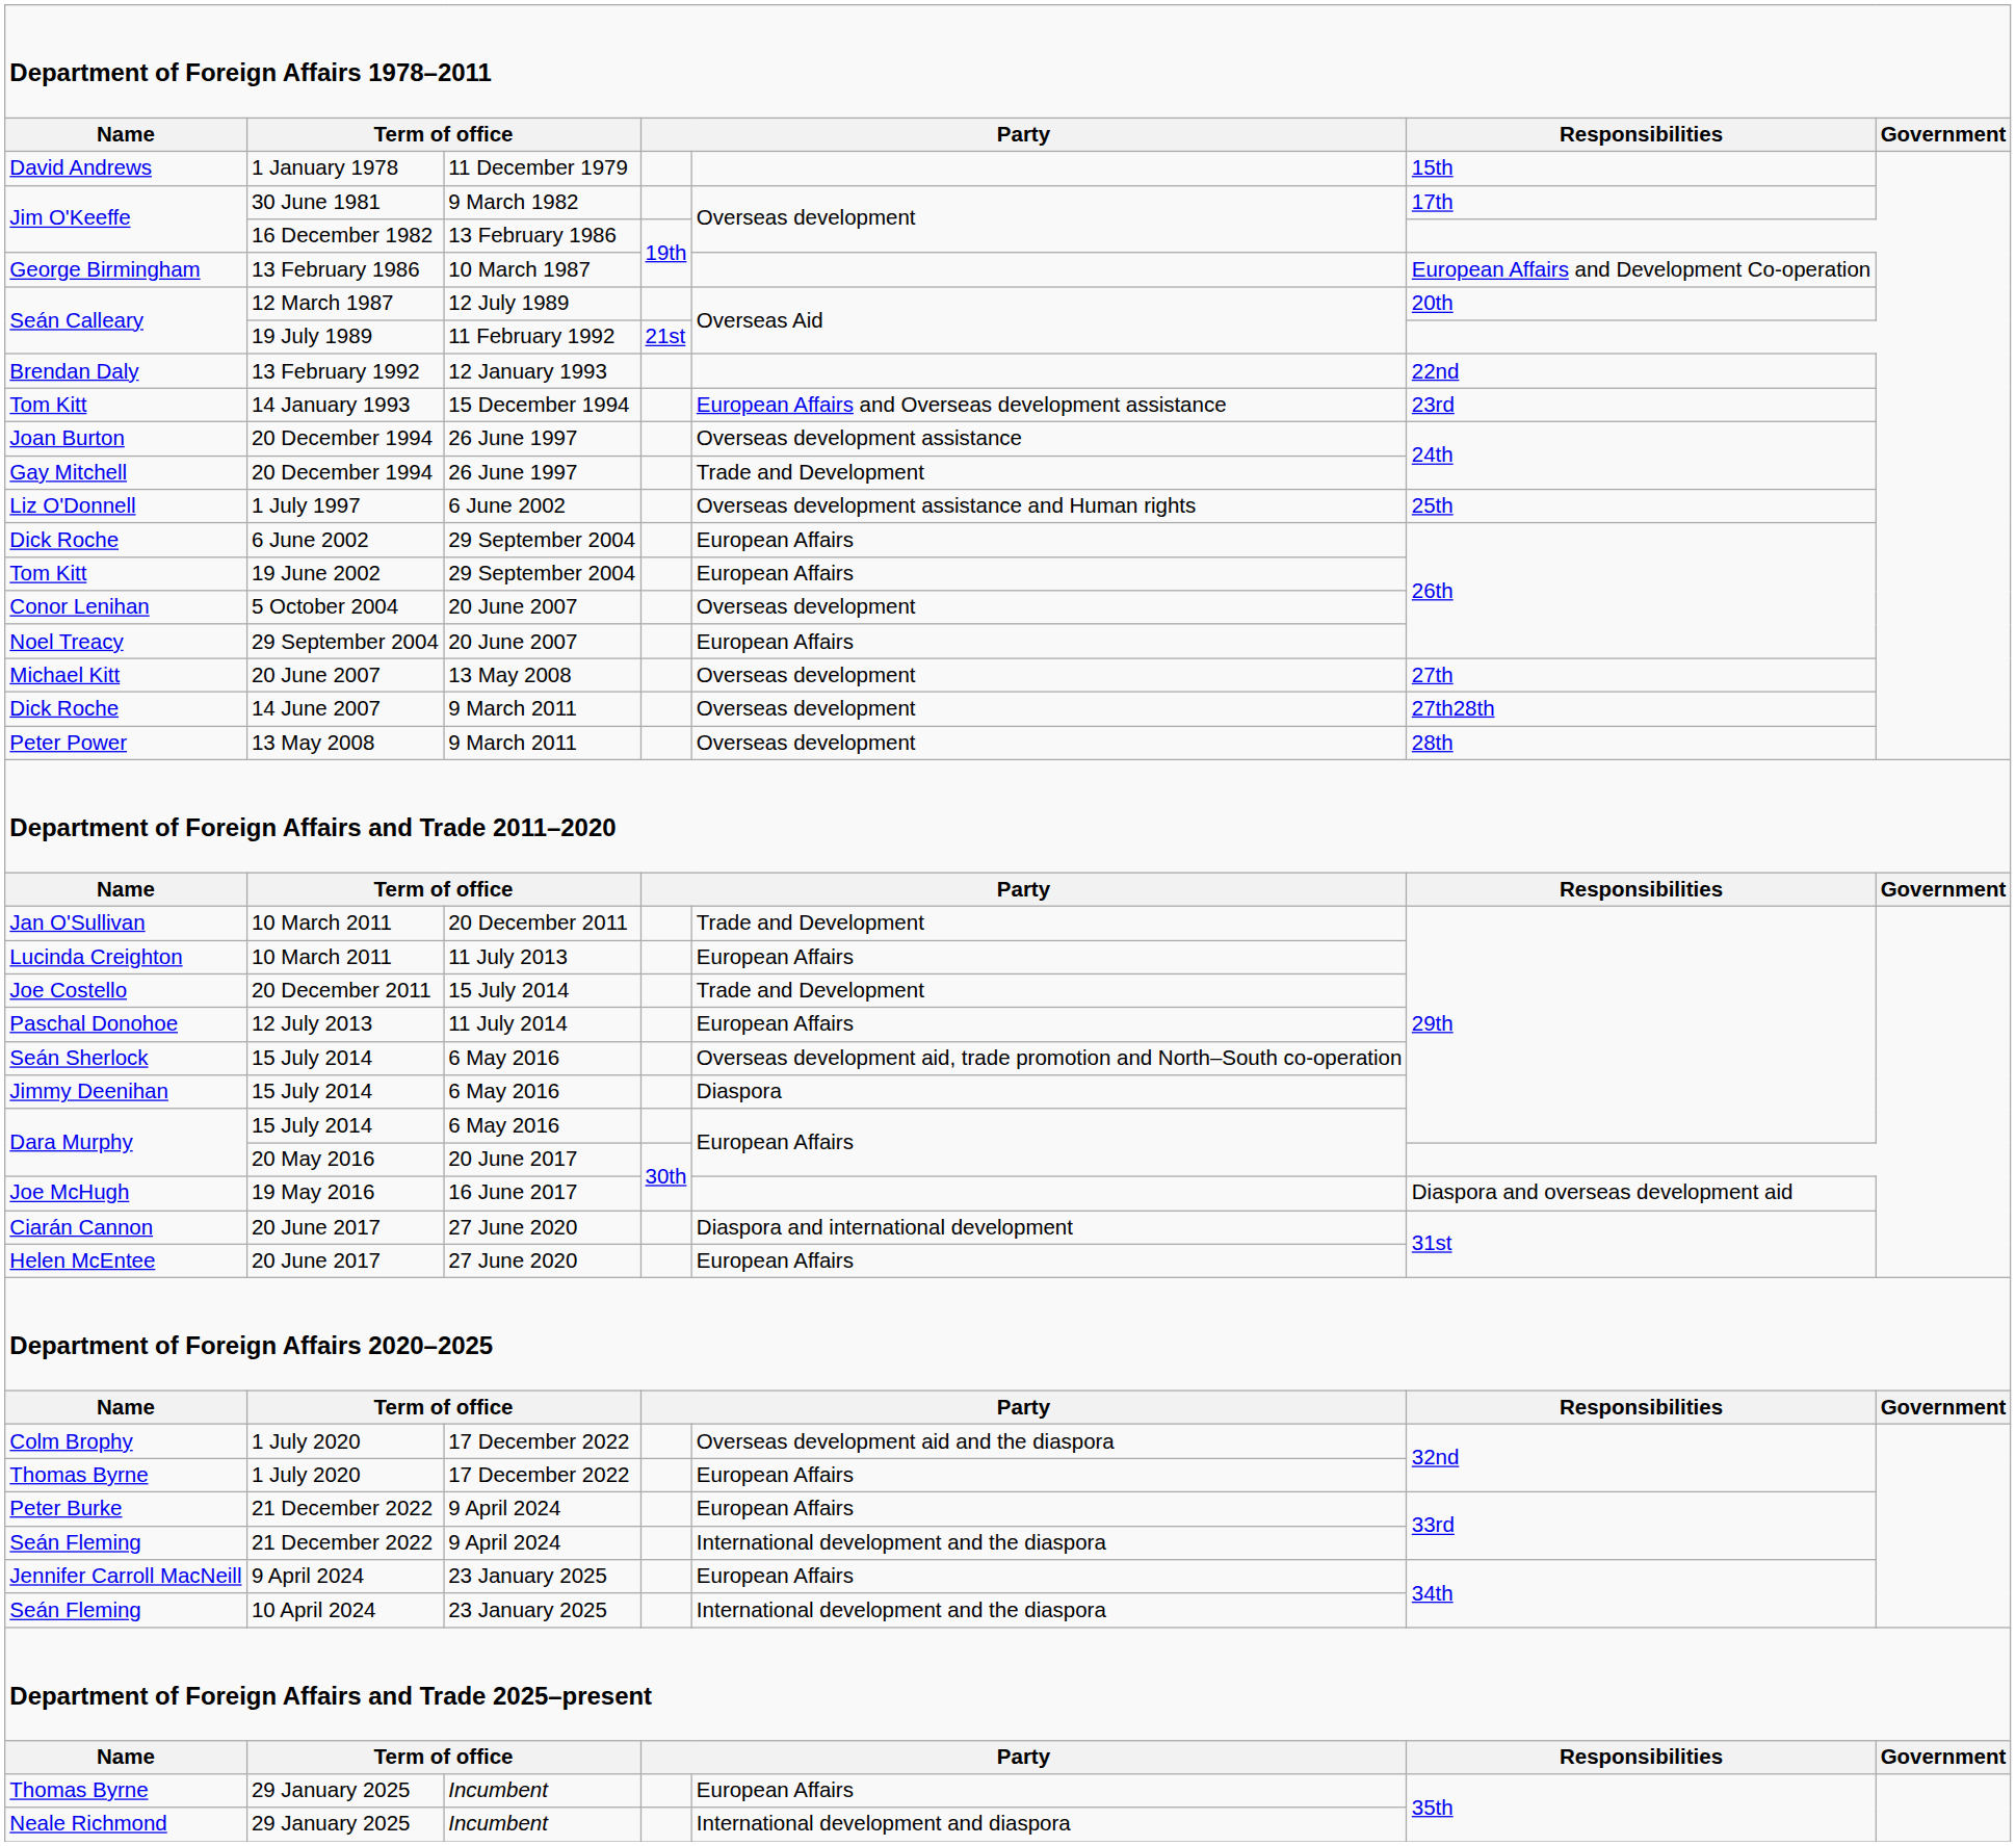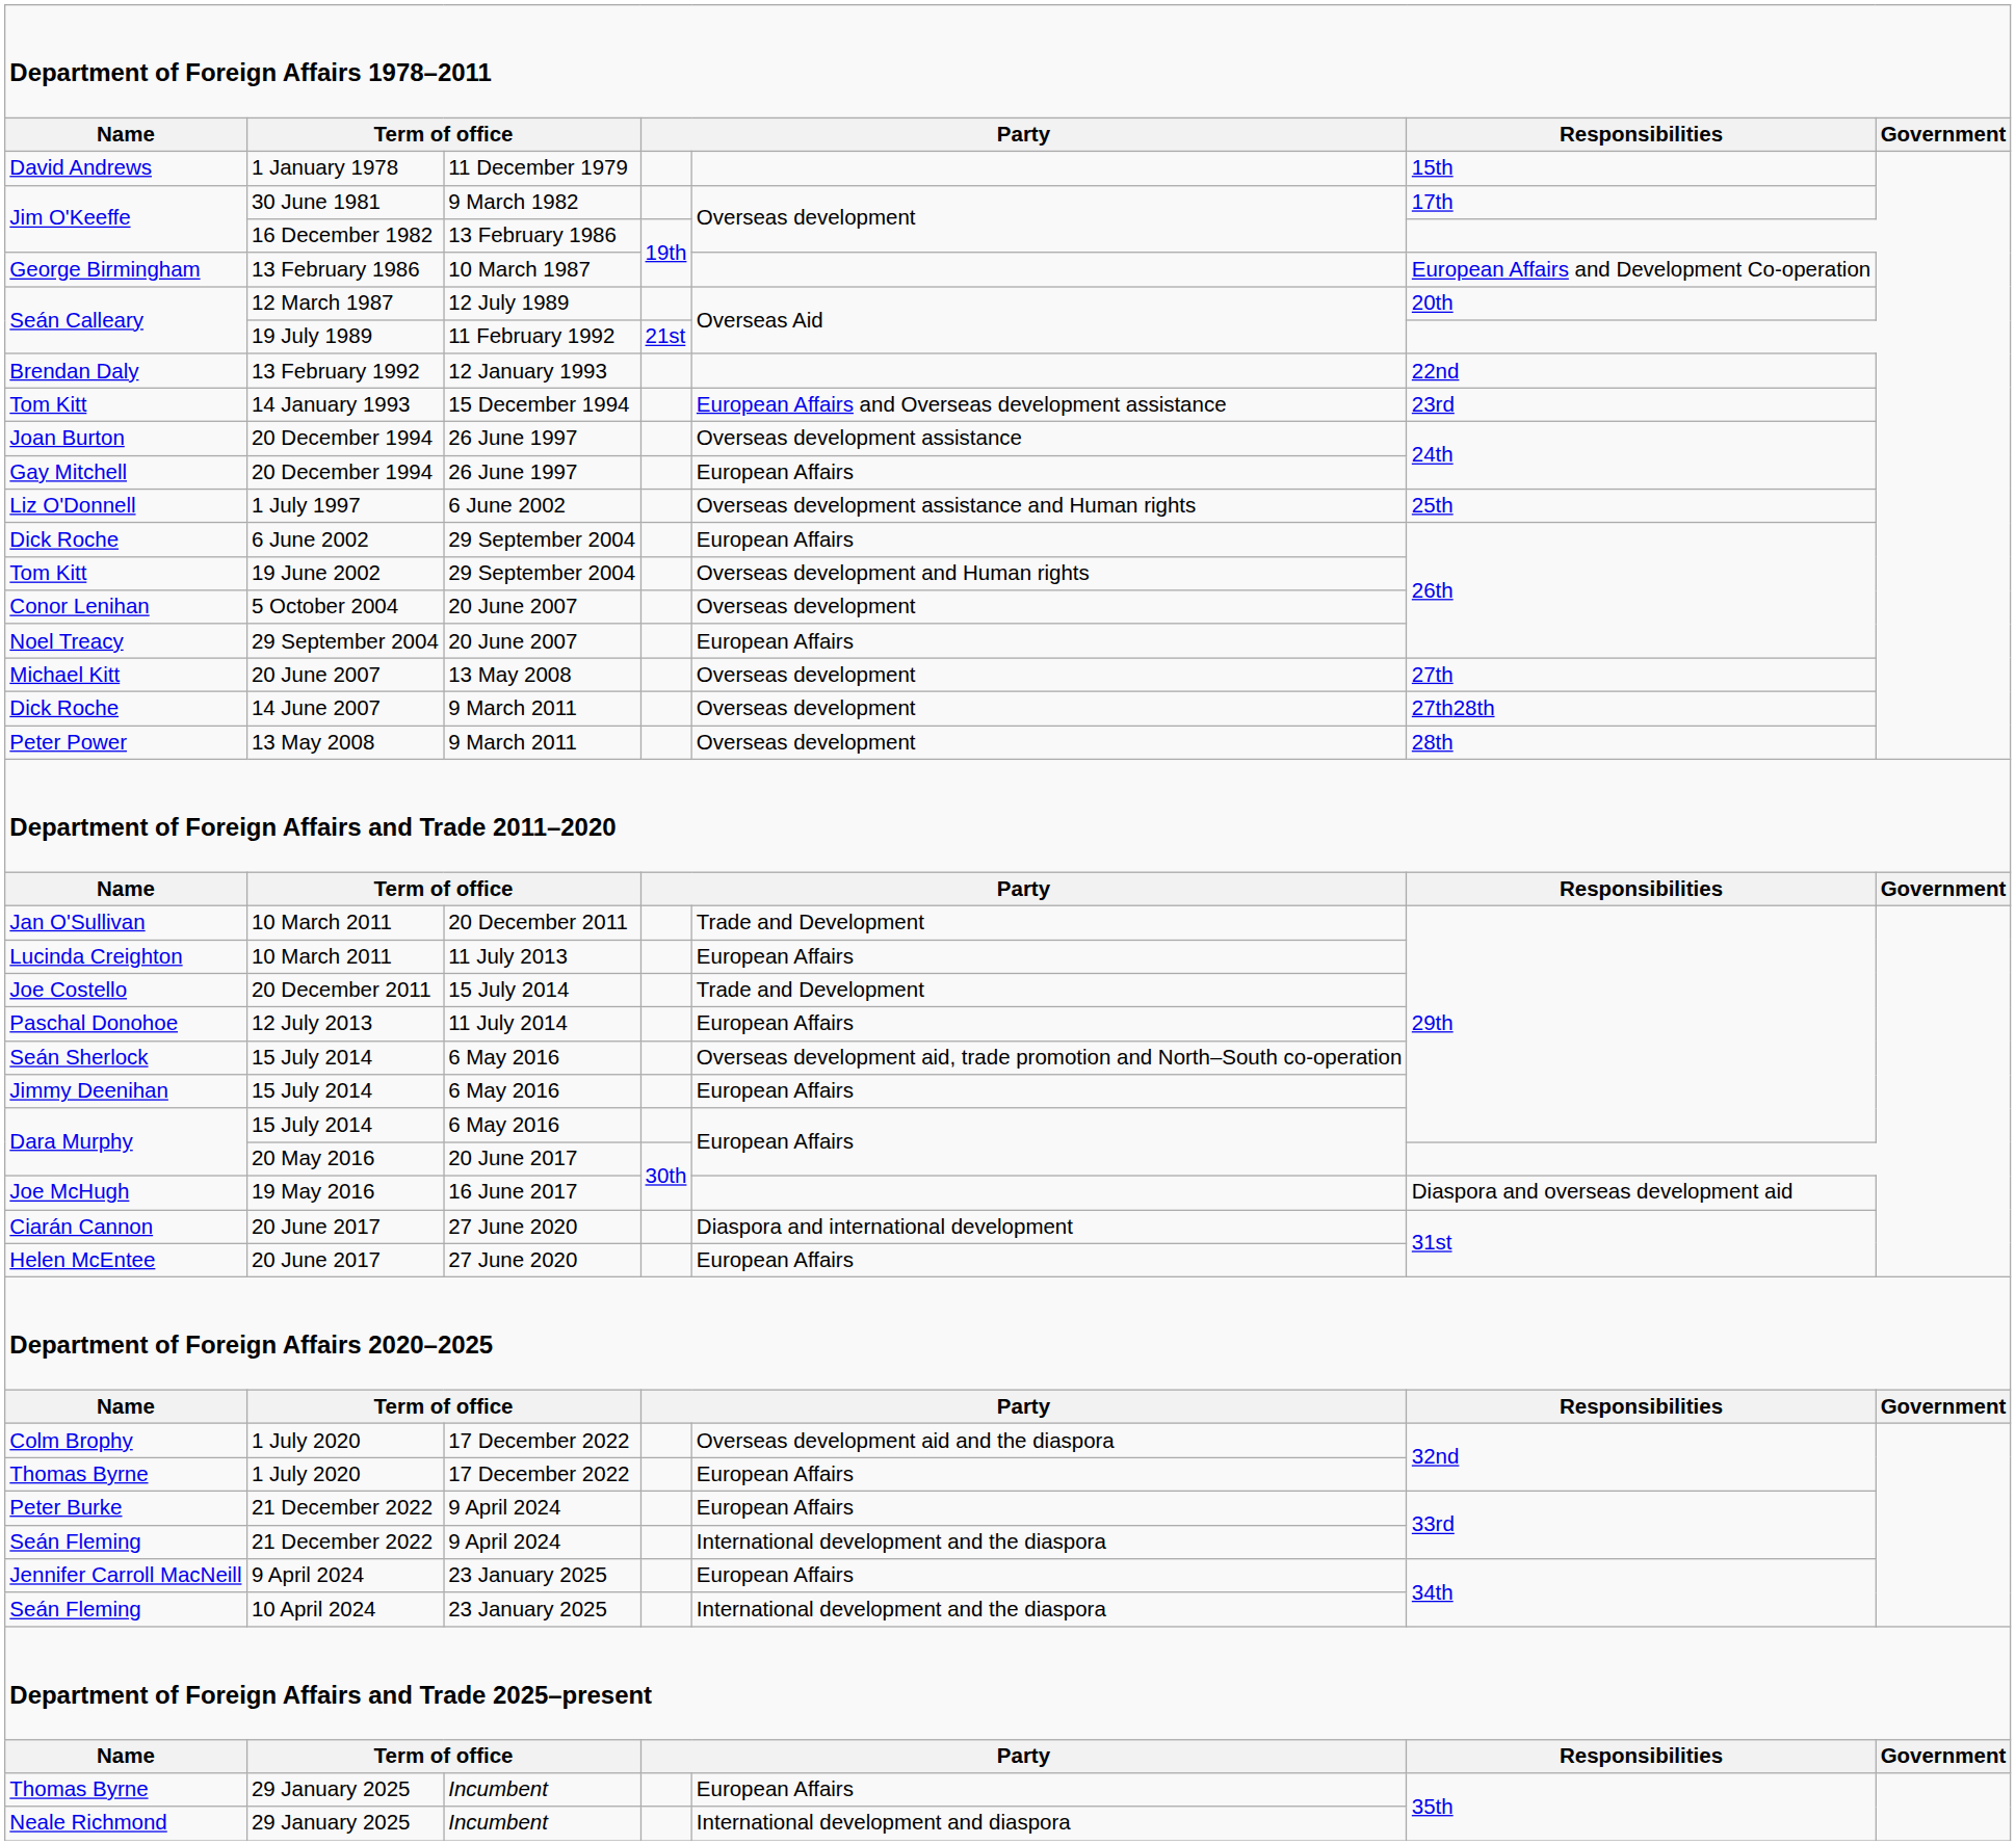 <table class="wikitable">
 <tr>
 <td colspan=7><br><h3>Department of Foreign Affairs 1978–2011</h3></td>
 </tr>
 <tr>
 <th>Name</th>
 <th colspan=2>Term of office</th>
 <th colspan=2>Party</th>
 <th>Responsibilities</th>
 <th>Government</th>
 </tr>
 <tr>
 <td><a href='#'>David Andrews</a></td>
 <td>1 January 1978</td>
 <td>11 December 1979</td>
 <td></td>
 <td></td>
 <td><a href='#'>15th</a></td>
 </tr>
 <tr>
 <td rowspan=2><a href='#'>Jim O'Keeffe</a></td>
 <td>30 June 1981</td>
 <td>9 March 1982</td>
 <td></td>
 <td rowspan=2>Overseas development</td>
 <td><a href='#'>17th</a></td>
 </tr>
 <tr>
 <td>16 December 1982</td>
 <td>13 February 1986</td>
 <td rowspan=2><a href='#'>19th</a></td>
 </tr>
 <tr>
 <td><a href='#'>George Birmingham</a></td>
 <td>13 February 1986</td>
 <td>10 March 1987</td>
 <td></td>
 <td><a href='#'>European Affairs</a> and Development Co-operation</td>
 </tr>
 <tr>
 <td rowspan=2><a href='#'>Seán Calleary</a></td>
 <td>12 March 1987</td>
 <td>12 July 1989</td>
 <td></td>
 <td rowspan=2>Overseas Aid</td>
 <td><a href='#'>20th</a></td>
 </tr>
 <tr>
 <td>19 July 1989</td>
 <td>11 February 1992</td>
 <td><a href='#'>21st</a></td>
 </tr>
 <tr>
 <td><a href='#'>Brendan Daly</a></td>
 <td>13 February 1992</td>
 <td>12 January 1993</td>
 <td></td>
 <td></td>
 <td><a href='#'>22nd</a></td>
 </tr>
 <tr>
 <td><a href='#'>Tom Kitt</a></td>
 <td>14 January 1993</td>
 <td>15 December 1994</td>
 <td></td>
 <td><a href='#'>European Affairs</a> and Overseas development assistance</td>
 <td><a href='#'>23rd</a></td>
 </tr>
 <tr>
 <td><a href='#'>Joan Burton</a></td>
 <td>20 December 1994</td>
 <td>26 June 1997</td>
 <td></td>
 <td>Overseas development assistance</td>
 <td rowspan=2><a href='#'>24th</a></td>
 </tr>
 <tr>
 <td><a href='#'>Gay Mitchell</a></td>
 <td>20 December 1994</td>
 <td>26 June 1997</td>
 <td></td>
-<td>Trade and Development</td>
+<td>European Affairs</td>
 </tr>
 <tr>
 <td><a href='#'>Liz O'Donnell</a></td>
 <td>1 July 1997</td>
 <td>6 June 2002</td>
 <td></td>
 <td>Overseas development assistance and Human rights</td>
 <td><a href='#'>25th</a></td>
 </tr>
 <tr>
 <td><a href='#'>Dick Roche</a></td>
 <td>6 June 2002</td>
 <td>29 September 2004</td>
 <td></td>
 <td>European Affairs</td>
 <td rowspan=4><a href='#'>26th</a></td>
 </tr>
 <tr>
 <td><a href='#'>Tom Kitt</a></td>
 <td>19 June 2002</td>
 <td>29 September 2004</td>
 <td></td>
-<td>European Affairs</td>
+<td>Overseas development and Human rights</td>
 </tr>
 <tr>
 <td><a href='#'>Conor Lenihan</a></td>
 <td>5 October 2004</td>
 <td>20 June 2007</td>
 <td></td>
 <td>Overseas development</td>
 </tr>
 <tr>
 <td><a href='#'>Noel Treacy</a></td>
 <td>29 September 2004</td>
 <td>20 June 2007</td>
 <td></td>
 <td>European Affairs</td>
 </tr>
 <tr>
 <td><a href='#'>Michael Kitt</a></td>
 <td>20 June 2007</td>
 <td>13 May 2008</td>
 <td></td>
 <td>Overseas development</td>
 <td><a href='#'>27th</a></td>
 </tr>
 <tr>
 <td><a href='#'>Dick Roche</a></td>
 <td>14 June 2007</td>
 <td>9 March 2011</td>
 <td></td>
 <td>Overseas development</td>
 <td><a href='#'>27th</a><a href='#'>28th</a></td>
 </tr>
 <tr>
 <td><a href='#'>Peter Power</a></td>
 <td>13 May 2008</td>
 <td>9 March 2011</td>
 <td></td>
 <td>Overseas development</td>
 <td><a href='#'>28th</a></td>
 </tr>
 <tr>
 <td colspan=7><br><h3>Department of Foreign Affairs and Trade 2011–2020</h3></td>
 </tr>
 <tr>
 <th>Name</th>
 <th colspan=2>Term of office</th>
 <th colspan=2>Party</th>
 <th>Responsibilities</th>
 <th>Government</th>
 </tr>
 <tr>
 <td><a href='#'>Jan O'Sullivan</a></td>
 <td>10 March 2011</td>
 <td>20 December 2011</td>
 <td></td>
 <td>Trade and Development</td>
 <td rowspan=7><a href='#'>29th</a></td>
 </tr>
 <tr>
 <td><a href='#'>Lucinda Creighton</a></td>
 <td>10 March 2011</td>
 <td>11 July 2013</td>
 <td></td>
 <td>European Affairs</td>
 </tr>
 <tr>
 <td><a href='#'>Joe Costello</a></td>
 <td>20 December 2011</td>
 <td>15 July 2014</td>
 <td></td>
 <td>Trade and Development</td>
 </tr>
 <tr>
 <td><a href='#'>Paschal Donohoe</a></td>
 <td>12 July 2013</td>
 <td>11 July 2014</td>
 <td></td>
 <td>European Affairs</td>
 </tr>
 <tr>
 <td><a href='#'>Seán Sherlock</a></td>
 <td>15 July 2014</td>
 <td>6 May 2016</td>
 <td></td>
 <td>Overseas development aid, trade promotion and North–South co-operation</td>
 </tr>
 <tr>
 <td><a href='#'>Jimmy Deenihan</a></td>
 <td>15 July 2014</td>
 <td>6 May 2016</td>
 <td></td>
-<td>Diaspora</td>
+<td>European Affairs</td>
 </tr>
 <tr>
 <td rowspan=2><a href='#'>Dara Murphy</a></td>
 <td>15 July 2014</td>
 <td>6 May 2016</td>
 <td></td>
 <td rowspan=2>European Affairs</td>
 </tr>
 <tr>
 <td>20 May 2016</td>
 <td>20 June 2017</td>
 <td rowspan=2><a href='#'>30th</a></td>
 </tr>
 <tr>
 <td><a href='#'>Joe McHugh</a></td>
 <td>19 May 2016</td>
 <td>16 June 2017</td>
 <td></td>
 <td>Diaspora and overseas development aid</td>
 </tr>
 <tr>
 <td><a href='#'>Ciarán Cannon</a></td>
 <td>20 June 2017</td>
 <td>27 June 2020</td>
 <td></td>
 <td>Diaspora and international development</td>
 <td rowspan=2><a href='#'>31st</a></td>
 </tr>
 <tr>
 <td><a href='#'>Helen McEntee</a></td>
 <td>20 June 2017</td>
 <td>27 June 2020</td>
 <td></td>
 <td>European Affairs</td>
 </tr>
 <tr>
 <td colspan=7><br><h3>Department of Foreign Affairs 2020–2025</h3></td>
 </tr>
 <tr>
 <th>Name</th>
 <th colspan=2>Term of office</th>
 <th colspan=2>Party</th>
 <th>Responsibilities</th>
 <th>Government</th>
 </tr>
 <tr>
 <td><a href='#'>Colm Brophy</a></td>
 <td>1 July 2020</td>
 <td>17 December 2022</td>
 <td></td>
 <td>Overseas development aid and the diaspora</td>
 <td rowspan=2><a href='#'>32nd</a></td>
 </tr>
 <tr>
 <td><a href='#'>Thomas Byrne</a></td>
 <td>1 July 2020</td>
 <td>17 December 2022</td>
 <td></td>
 <td>European Affairs</td>
 </tr>
 <tr>
 <td><a href='#'>Peter Burke</a></td>
 <td>21 December 2022</td>
 <td>9 April 2024</td>
 <td></td>
 <td>European Affairs</td>
 <td rowspan=2><a href='#'>33rd</a></td>
 </tr>
 <tr>
 <td><a href='#'>Seán Fleming</a></td>
 <td>21 December 2022</td>
 <td>9 April 2024</td>
 <td></td>
 <td>International development and the diaspora</td>
 </tr>
 <tr>
 <td><a href='#'>Jennifer Carroll MacNeill</a></td>
 <td>9 April 2024</td>
 <td>23 January 2025</td>
 <td></td>
 <td>European Affairs</td>
 <td rowspan=2><a href='#'>34th</a></td>
 </tr>
 <tr>
 <td><a href='#'>Seán Fleming</a></td>
 <td>10 April 2024</td>
 <td>23 January 2025</td>
 <td></td>
 <td>International development and the diaspora</td>
 </tr>
 <tr>
 <td colspan=7><br><h3>Department of Foreign Affairs and Trade 2025–present</h3></td>
 </tr>
 <tr>
 <th>Name</th>
 <th colspan=2>Term of office</th>
 <th colspan=2>Party</th>
 <th>Responsibilities</th>
 <th>Government</th>
 </tr>
 <tr>
 <td><a href='#'>Thomas Byrne</a></td>
 <td>29 January 2025</td>
 <td><em>Incumbent</em></td>
 <td></td>
 <td>European Affairs</td>
 <td rowspan=2><a href='#'>35th</a></td>
 </tr>
 <tr>
 <td><a href='#'>Neale Richmond</a></td>
 <td>29 January 2025</td>
 <td><em>Incumbent</em></td>
 <td></td>
 <td>International development and diaspora</td>
 </tr>
 </table>
